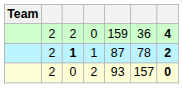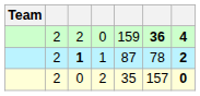 <table class="wikitable" style="text-align:center;">
 <tr>
 <th>Team</th>
 <th width=20></th>
 <th width=20></th>
 <th width=20></th>
 <th width=20></th>
 <th width=20></th>
 <th width=20></th>
 </tr>
 <tr bgcolor="#ccffcc">
 <td align=left></td>
 <td>2</td>
 <td>2</td>
 <td>0</td>
 <td>159</td>
-<td>36</td>
+<td><strong>36</strong></td>
 <td><strong>4</strong></td>
 </tr>
 <tr bgcolor="#BBF3FF">
 <td align=left></td>
 <td>2</td>
 <td><strong>1</strong></td>
 <td>1</td>
 <td>87</td>
 <td>78</td>
 <td><strong>2</strong></td>
 </tr>
 <tr bgcolor="#FFFFD7">
 <td align=left></td>
 <td>2</td>
 <td>0</td>
 <td>2</td>
-<td>93</td>
+<td>35</td>
 <td>157</td>
 <td><strong>0</strong></td>
 </tr>
 </table>
